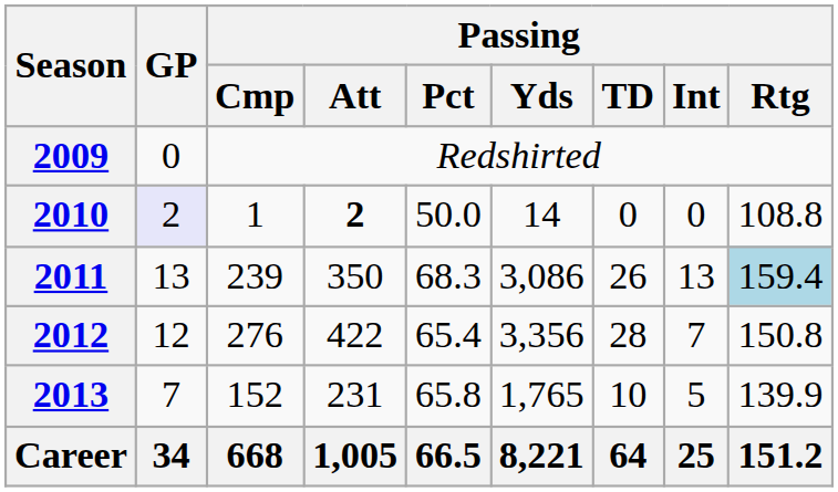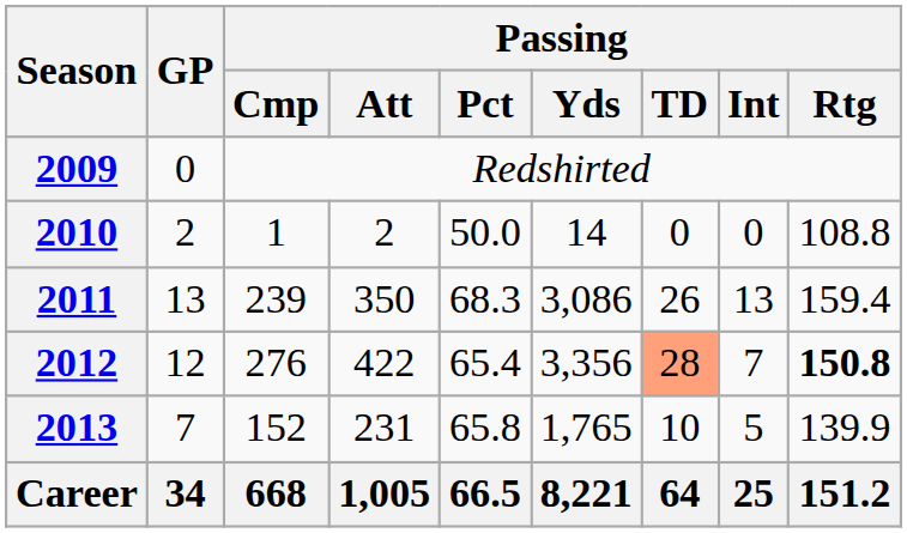 <table class="wikitable" style="text-align:center;">
 <tr>
 <th rowspan="2">Season</th>
 <th rowspan="2">GP</th>
 <th colspan="7">Passing</th>
 </tr>
 <tr>
 <th>Cmp</th>
 <th>Att</th>
 <th>Pct</th>
 <th>Yds</th>
 <th>TD</th>
 <th>Int</th>
 <th>Rtg</th>
 </tr>
 <tr>
 <th><a href='#'>2009</a></th>
 <td>0</td>
 <td colspan="7"><em>Redshirted</em></td>
 </tr>
 <tr>
 <th><a href='#'>2010</a></th>
-<td style="background: lavender;">2</td>
+<td>2</td>
 <td>1</td>
-<td><strong>2</strong></td>
+<td>2</td>
 <td>50.0</td>
 <td>14</td>
 <td>0</td>
 <td>0</td>
 <td>108.8</td>
 </tr>
 <tr>
 <th><a href='#'>2011</a></th>
 <td>13</td>
 <td>239</td>
 <td>350</td>
 <td>68.3</td>
 <td>3,086</td>
 <td>26</td>
 <td>13</td>
-<td style="background: lightblue;">159.4</td>
+<td>159.4</td>
 </tr>
 <tr>
 <th><a href='#'>2012</a></th>
 <td>12</td>
 <td>276</td>
 <td>422</td>
 <td>65.4</td>
 <td>3,356</td>
-<td>28</td>
+<td style="background: lightsalmon;">28</td>
 <td>7</td>
-<td>150.8</td>
+<td><strong>150.8</strong></td>
 </tr>
 <tr>
 <th><a href='#'>2013</a></th>
 <td>7</td>
 <td>152</td>
 <td>231</td>
 <td>65.8</td>
 <td>1,765</td>
 <td>10</td>
 <td>5</td>
 <td>139.9</td>
 </tr>
 <tr>
 <th>Career</th>
 <th>34</th>
 <th>668</th>
 <th>1,005</th>
 <th>66.5</th>
 <th>8,221</th>
 <th>64</th>
 <th>25</th>
 <th>151.2</th>
 </tr>
 </table>
